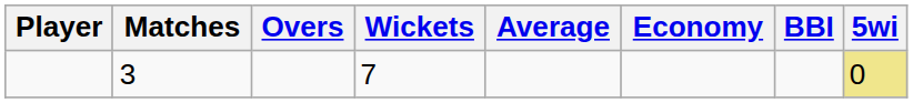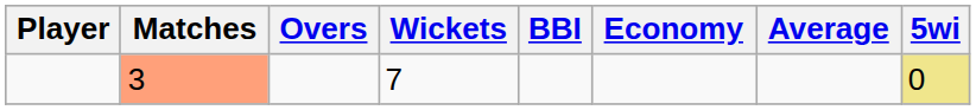 <table class="wikitable sortable" style="width:80%;">
 <tr>
 <th>Player</th>
 <th>Matches</th>
 <th><a href='#'>Overs</a></th>
 <th><a href='#'>Wickets</a></th>
+<th><a href='#'>BBI</a></th>
+<th><a href='#'>Economy</a></th>
 <th><a href='#'>Average</a></th>
-<th><a href='#'>Economy</a></th>
-<th><a href='#'>BBI</a></th>
 <th><a href='#'>5wi</a></th>
 </tr>
 <tr>
 <td></td>
-<td>3</td>
+<td style="background: lightsalmon;">3</td>
 <td></td>
 <td>7</td>
 <td></td>
 <td></td>
 <td></td>
 <td style="background: khaki;">0</td>
 </tr>
 </table>
